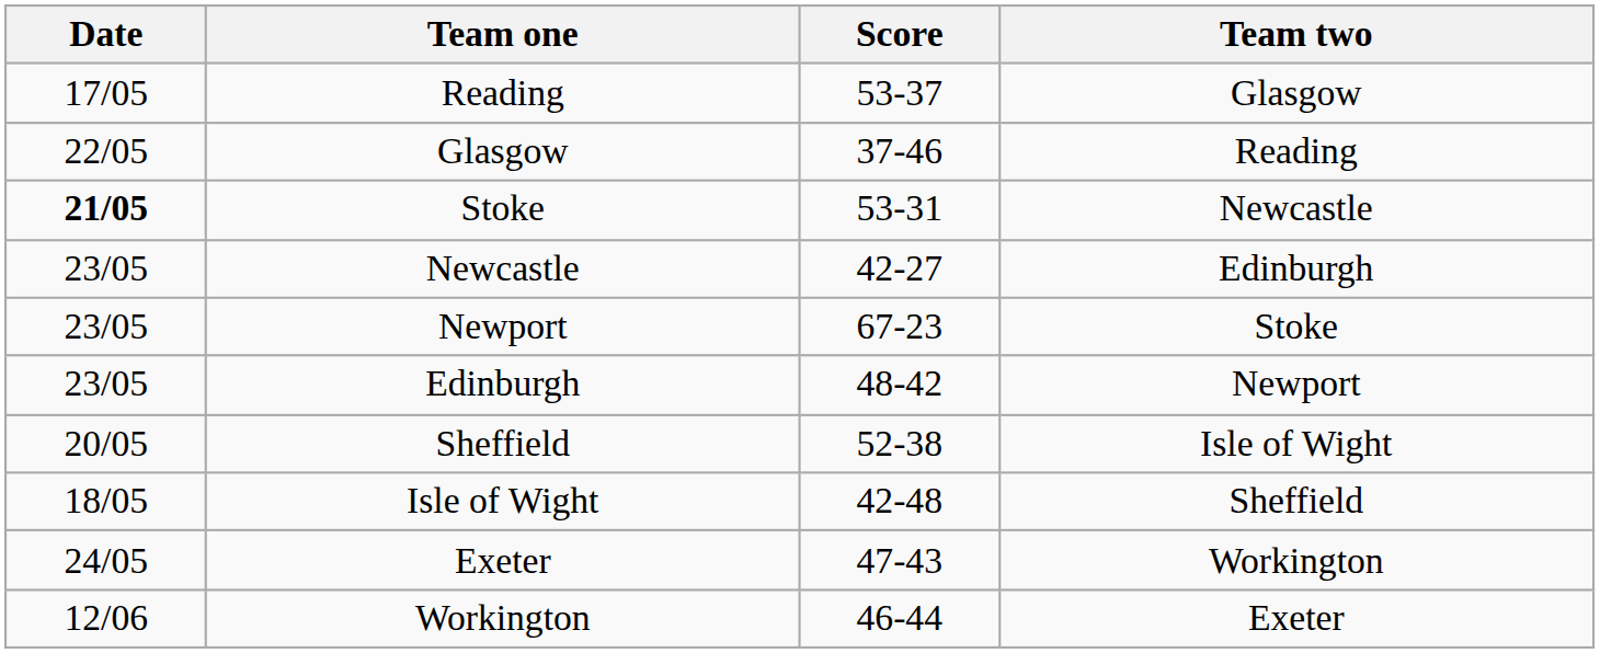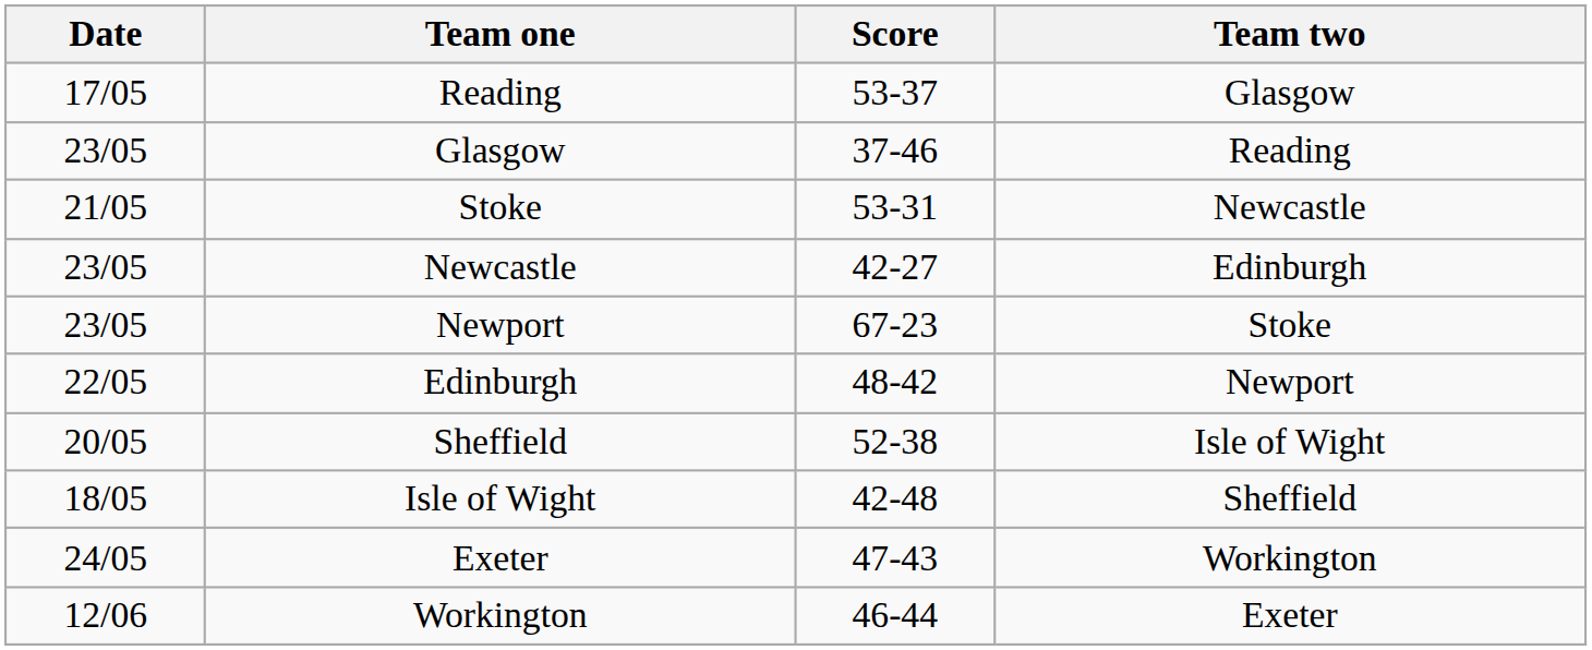 <table class="wikitable" style="text-align: center">
 <tr>
 <th width=80>Date</th>
 <th width=250>Team one</th>
 <th width=80>Score</th>
 <th width=250>Team two</th>
 </tr>
 <tr>
 <td>17/05</td>
 <td>Reading</td>
 <td>53-37</td>
 <td>Glasgow</td>
 </tr>
 <tr>
-<td>22/05</td>
+<td>23/05</td>
 <td>Glasgow</td>
 <td>37-46</td>
 <td>Reading</td>
 </tr>
 <tr>
-<td><strong>21/05</strong></td>
+<td>21/05</td>
 <td>Stoke</td>
 <td>53-31</td>
 <td>Newcastle</td>
 </tr>
 <tr>
 <td>23/05</td>
 <td>Newcastle</td>
 <td>42-27</td>
 <td>Edinburgh</td>
 </tr>
 <tr>
 <td>23/05</td>
 <td>Newport</td>
 <td>67-23</td>
 <td>Stoke</td>
 </tr>
 <tr>
-<td>23/05</td>
+<td>22/05</td>
 <td>Edinburgh</td>
 <td>48-42</td>
 <td>Newport</td>
 </tr>
 <tr>
 <td>20/05</td>
 <td>Sheffield</td>
 <td>52-38</td>
 <td>Isle of Wight</td>
 </tr>
 <tr>
 <td>18/05</td>
 <td>Isle of Wight</td>
 <td>42-48</td>
 <td>Sheffield</td>
 </tr>
 <tr>
 <td>24/05</td>
 <td>Exeter</td>
 <td>47-43</td>
 <td>Workington</td>
 </tr>
 <tr>
 <td>12/06</td>
 <td>Workington</td>
 <td>46-44</td>
 <td>Exeter</td>
 </tr>
 </table>
